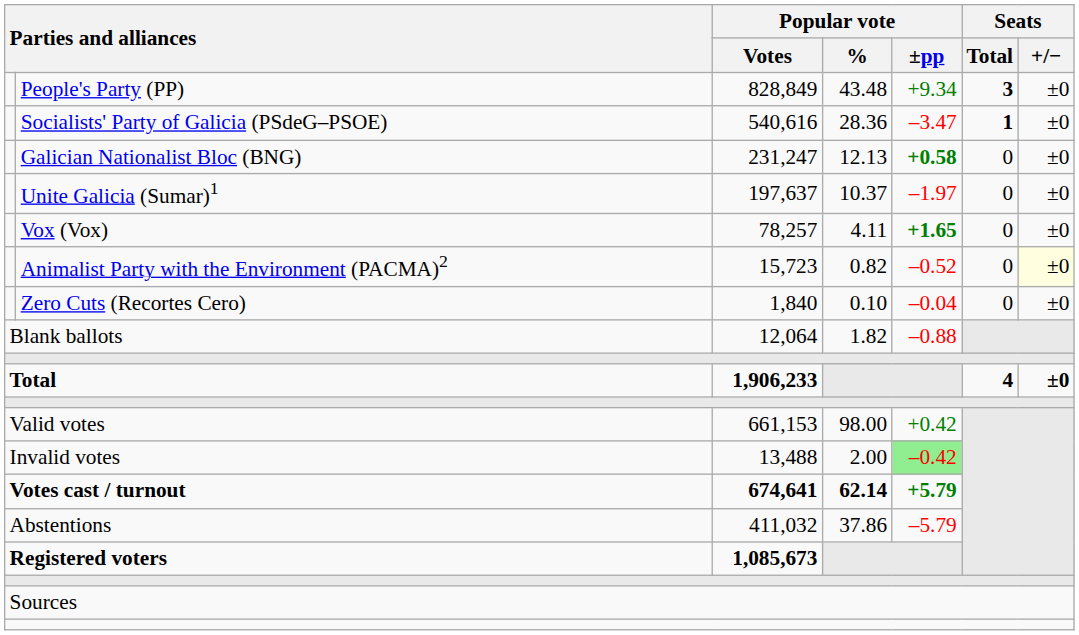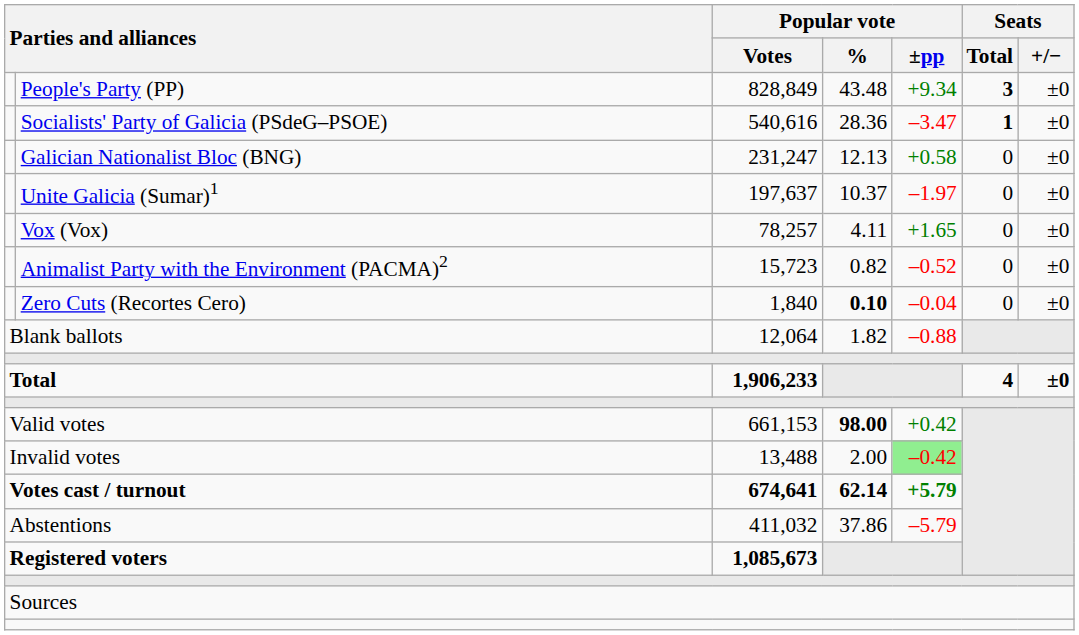 <table class="wikitable" style="text-align:right;">
 <tr>
 <th style="text-align:left;" rowspan="2" colspan="2" width="525">Parties and alliances</th>
 <th colspan="3">Popular vote</th>
 <th colspan="2">Seats</th>
 </tr>
 <tr>
 <th width="75">Votes</th>
 <th width="45">%</th>
 <th width="45">±<a href='#'>pp</a></th>
 <th width="35">Total</th>
 <th width="35">+/−</th>
 </tr>
 <tr>
 <td width="1" style="color:inherit;background:"></td>
 <td align="left"><a href='#'>People's Party</a> (PP)</td>
 <td>828,849</td>
 <td>43.48</td>
 <td style="color:green;">+9.34</td>
 <td><strong>3</strong></td>
 <td>±0</td>
 </tr>
 <tr>
 <td style="color:inherit;background:"></td>
 <td align="left"><a href='#'>Socialists' Party of Galicia</a> (PSdeG–PSOE)</td>
 <td>540,616</td>
 <td>28.36</td>
 <td style="color:red;">–3.47</td>
 <td><strong>1</strong></td>
 <td>±0</td>
 </tr>
 <tr>
 <td style="color:inherit;background:"></td>
 <td align="left"><a href='#'>Galician Nationalist Bloc</a> (BNG)</td>
 <td>231,247</td>
 <td>12.13</td>
-<td style="color:green;"><strong>+0.58</strong></td>
+<td style="color:green;">+0.58</td>
 <td>0</td>
 <td>±0</td>
 </tr>
 <tr>
 <td style="color:inherit;background:"></td>
 <td align="left"><a href='#'>Unite Galicia</a> (Sumar)<sup>1</sup></td>
 <td>197,637</td>
 <td>10.37</td>
 <td style="color:red;">–1.97</td>
 <td>0</td>
 <td>±0</td>
 </tr>
 <tr>
 <td style="color:inherit;background:"></td>
 <td align="left"><a href='#'>Vox</a> (Vox)</td>
 <td>78,257</td>
 <td>4.11</td>
-<td style="color:green;"><strong>+1.65</strong></td>
+<td style="color:green;">+1.65</td>
 <td>0</td>
 <td>±0</td>
 </tr>
 <tr>
 <td style="color:inherit;background:"></td>
 <td align="left"><a href='#'>Animalist Party with the Environment</a> (PACMA)<sup>2</sup></td>
 <td>15,723</td>
 <td>0.82</td>
 <td style="color:red;">–0.52</td>
 <td>0</td>
-<td style="background: lightyellow;">±0</td>
+<td>±0</td>
 </tr>
 <tr>
 <td style="color:inherit;background:"></td>
 <td align="left"><a href='#'>Zero Cuts</a> (Recortes Cero)</td>
 <td>1,840</td>
-<td>0.10</td>
+<td><strong>0.10</strong></td>
 <td style="color:red;">–0.04</td>
 <td>0</td>
 <td>±0</td>
 </tr>
 <tr>
 <td align="left" colspan="2">Blank ballots</td>
 <td>12,064</td>
 <td>1.82</td>
 <td style="color:red;">–0.88</td>
 <td bgcolor="#E9E9E9" colspan="2"></td>
 </tr>
 <tr>
 <td colspan="7" bgcolor="#E9E9E9"></td>
 </tr>
 <tr style="font-weight:bold;">
 <td align="left" colspan="2">Total</td>
 <td>1,906,233</td>
 <td bgcolor="#E9E9E9" colspan="2"></td>
 <td>4</td>
 <td>±0</td>
 </tr>
 <tr>
 <td colspan="7" bgcolor="#E9E9E9"></td>
 </tr>
 <tr>
 <td align="left" colspan="2">Valid votes</td>
 <td>661,153</td>
-<td>98.00</td>
+<td><strong>98.00</strong></td>
 <td style="color:green;">+0.42</td>
 <td bgcolor="#E9E9E9" colspan="2" rowspan="5"></td>
 </tr>
 <tr>
 <td align="left" colspan="2">Invalid votes</td>
 <td>13,488</td>
 <td>2.00</td>
 <td style="background: lightgreen; color:red;">–0.42</td>
 </tr>
 <tr style="font-weight:bold;">
 <td align="left" colspan="2">Votes cast / turnout</td>
 <td>674,641</td>
 <td>62.14</td>
 <td style="color:green;">+5.79</td>
 </tr>
 <tr>
 <td align="left" colspan="2">Abstentions</td>
 <td>411,032</td>
 <td>37.86</td>
 <td style="color:red;">–5.79</td>
 </tr>
 <tr style="font-weight:bold;">
 <td align="left" colspan="2">Registered voters</td>
 <td>1,085,673</td>
 <td bgcolor="#E9E9E9" colspan="2"></td>
 </tr>
 <tr>
 <td colspan="7" bgcolor="#E9E9E9"></td>
 </tr>
 <tr>
 <td align="left" colspan="7">Sources</td>
 </tr>
 <tr>
 <td colspan="7" style="text-align:left; max-width:790px;"></td>
 </tr>
 </table>
